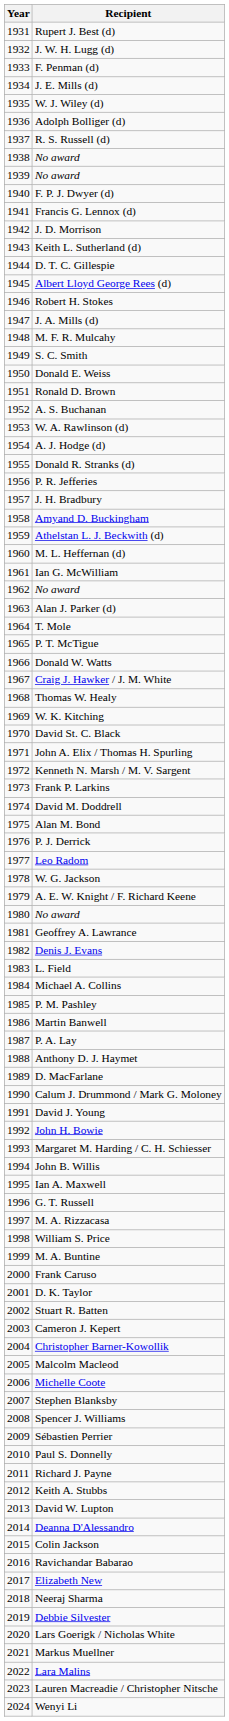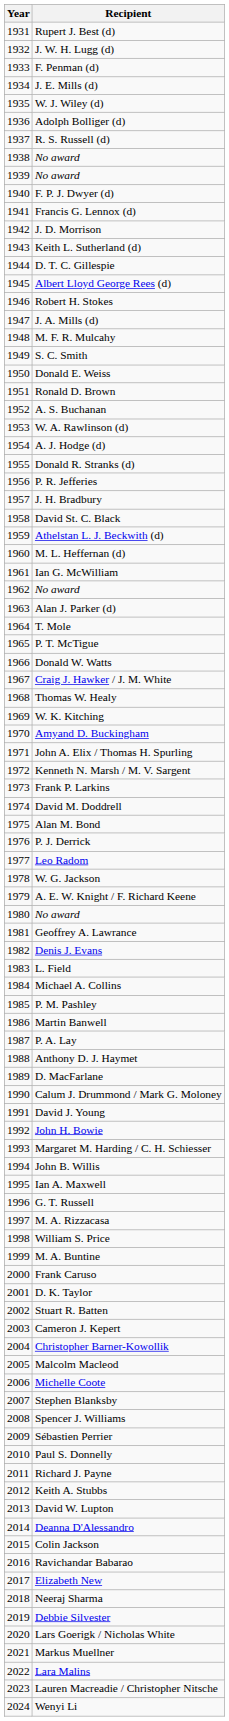 <table class="wikitable">
 <tr>
 <th>Year</th>
 <th>Recipient</th>
 </tr>
 <tr>
 <td>1931</td>
 <td>Rupert J. Best (d)</td>
 </tr>
 <tr>
 <td>1932</td>
 <td>J. W. H. Lugg (d)</td>
 </tr>
 <tr>
 <td>1933</td>
 <td>F. Penman (d)</td>
 </tr>
 <tr>
 <td>1934</td>
 <td>J. E. Mills (d)</td>
 </tr>
 <tr>
 <td>1935</td>
 <td>W. J. Wiley (d)</td>
 </tr>
 <tr>
 <td>1936</td>
 <td>Adolph Bolliger (d)</td>
 </tr>
 <tr>
 <td>1937</td>
 <td>R. S. Russell (d)</td>
 </tr>
 <tr>
 <td>1938</td>
 <td><em>No award</em></td>
 </tr>
 <tr>
 <td>1939</td>
 <td><em>No award</em></td>
 </tr>
 <tr>
 <td>1940</td>
 <td>F. P. J. Dwyer (d)</td>
 </tr>
 <tr>
 <td>1941</td>
 <td>Francis G. Lennox (d)</td>
 </tr>
 <tr>
 <td>1942</td>
 <td>J. D. Morrison</td>
 </tr>
 <tr>
 <td>1943</td>
 <td>Keith L. Sutherland (d)</td>
 </tr>
 <tr>
 <td>1944</td>
 <td>D. T. C. Gillespie</td>
 </tr>
 <tr>
 <td>1945</td>
 <td><a href='#'>Albert Lloyd George Rees</a> (d)</td>
 </tr>
 <tr>
 <td>1946</td>
 <td>Robert H. Stokes</td>
 </tr>
 <tr>
 <td>1947</td>
 <td>J. A. Mills (d)</td>
 </tr>
 <tr>
 <td>1948</td>
 <td>M. F. R. Mulcahy</td>
 </tr>
 <tr>
 <td>1949</td>
 <td>S. C. Smith</td>
 </tr>
 <tr>
 <td>1950</td>
 <td>Donald E. Weiss</td>
 </tr>
 <tr>
 <td>1951</td>
 <td>Ronald D. Brown</td>
 </tr>
 <tr>
 <td>1952</td>
 <td>A. S. Buchanan</td>
 </tr>
 <tr>
 <td>1953</td>
 <td>W. A. Rawlinson (d)</td>
 </tr>
 <tr>
 <td>1954</td>
 <td>A. J. Hodge (d)</td>
 </tr>
 <tr>
 <td>1955</td>
 <td>Donald R. Stranks (d)</td>
 </tr>
 <tr>
 <td>1956</td>
 <td>P. R. Jefferies</td>
 </tr>
 <tr>
 <td>1957</td>
 <td>J. H. Bradbury</td>
 </tr>
 <tr>
 <td>1958</td>
-<td><a href='#'>Amyand D. Buckingham</a></td>
+<td>David St. C. Black</td>
 </tr>
 <tr>
 <td>1959</td>
 <td><a href='#'>Athelstan L. J. Beckwith</a> (d)</td>
 </tr>
 <tr>
 <td>1960</td>
 <td>M. L. Heffernan (d)</td>
 </tr>
 <tr>
 <td>1961</td>
 <td>Ian G. McWilliam</td>
 </tr>
 <tr>
 <td>1962</td>
 <td><em>No award</em></td>
 </tr>
 <tr>
 <td>1963</td>
 <td>Alan J. Parker (d)</td>
 </tr>
 <tr>
 <td>1964</td>
 <td>T. Mole</td>
 </tr>
 <tr>
 <td>1965</td>
 <td>P. T. McTigue</td>
 </tr>
 <tr>
 <td>1966</td>
 <td>Donald W. Watts</td>
 </tr>
 <tr>
 <td>1967</td>
 <td><a href='#'>Craig J. Hawker</a> / J. M. White</td>
 </tr>
 <tr>
 <td>1968</td>
 <td>Thomas W. Healy</td>
 </tr>
 <tr>
 <td>1969</td>
 <td>W. K. Kitching</td>
 </tr>
 <tr>
 <td>1970</td>
-<td>David St. C. Black</td>
+<td><a href='#'>Amyand D. Buckingham</a></td>
 </tr>
 <tr>
 <td>1971</td>
 <td>John A. Elix / Thomas H. Spurling</td>
 </tr>
 <tr>
 <td>1972</td>
 <td>Kenneth N. Marsh / M. V. Sargent</td>
 </tr>
 <tr>
 <td>1973</td>
 <td>Frank P. Larkins</td>
 </tr>
 <tr>
 <td>1974</td>
 <td>David M. Doddrell</td>
 </tr>
 <tr>
 <td>1975</td>
 <td>Alan M. Bond</td>
 </tr>
 <tr>
 <td>1976</td>
 <td>P. J. Derrick</td>
 </tr>
 <tr>
 <td>1977</td>
 <td><a href='#'>Leo Radom</a></td>
 </tr>
 <tr>
 <td>1978</td>
 <td>W. G. Jackson</td>
 </tr>
 <tr>
 <td>1979</td>
 <td>A. E. W. Knight / F. Richard Keene</td>
 </tr>
 <tr>
 <td>1980</td>
 <td><em>No award</em></td>
 </tr>
 <tr>
 <td>1981</td>
 <td>Geoffrey A. Lawrance</td>
 </tr>
 <tr>
 <td>1982</td>
 <td><a href='#'>Denis J. Evans</a></td>
 </tr>
 <tr>
 <td>1983</td>
 <td>L. Field</td>
 </tr>
 <tr>
 <td>1984</td>
 <td>Michael A. Collins</td>
 </tr>
 <tr>
 <td>1985</td>
 <td>P. M. Pashley</td>
 </tr>
 <tr>
 <td>1986</td>
 <td>Martin Banwell</td>
 </tr>
 <tr>
 <td>1987</td>
 <td>P. A. Lay</td>
 </tr>
 <tr>
 <td>1988</td>
 <td>Anthony D. J. Haymet</td>
 </tr>
 <tr>
 <td>1989</td>
 <td>D. MacFarlane</td>
 </tr>
 <tr>
 <td>1990</td>
 <td>Calum J. Drummond / Mark G. Moloney</td>
 </tr>
 <tr>
 <td>1991</td>
 <td>David J. Young</td>
 </tr>
 <tr>
 <td>1992</td>
 <td><a href='#'>John H. Bowie</a></td>
 </tr>
 <tr>
 <td>1993</td>
 <td>Margaret M. Harding / C. H. Schiesser</td>
 </tr>
 <tr>
 <td>1994</td>
 <td>John B. Willis</td>
 </tr>
 <tr>
 <td>1995</td>
 <td>Ian A. Maxwell</td>
 </tr>
 <tr>
 <td>1996</td>
 <td>G. T. Russell</td>
 </tr>
 <tr>
 <td>1997</td>
 <td>M. A. Rizzacasa</td>
 </tr>
 <tr>
 <td>1998</td>
 <td>William S. Price</td>
 </tr>
 <tr>
 <td>1999</td>
 <td>M. A. Buntine</td>
 </tr>
 <tr>
 <td>2000</td>
 <td>Frank Caruso</td>
 </tr>
 <tr>
 <td>2001</td>
 <td>D. K. Taylor</td>
 </tr>
 <tr>
 <td>2002</td>
 <td>Stuart R. Batten</td>
 </tr>
 <tr>
 <td>2003</td>
 <td>Cameron J. Kepert</td>
 </tr>
 <tr>
 <td>2004</td>
 <td><a href='#'>Christopher Barner-Kowollik</a></td>
 </tr>
 <tr>
 <td>2005</td>
 <td>Malcolm Macleod</td>
 </tr>
 <tr>
 <td>2006</td>
 <td><a href='#'>Michelle Coote</a></td>
 </tr>
 <tr>
 <td>2007</td>
 <td>Stephen Blanksby</td>
 </tr>
 <tr>
 <td>2008</td>
 <td>Spencer J. Williams</td>
 </tr>
 <tr>
 <td>2009</td>
 <td>Sébastien Perrier</td>
 </tr>
 <tr>
 <td>2010</td>
 <td>Paul S. Donnelly</td>
 </tr>
 <tr>
 <td>2011</td>
 <td>Richard J. Payne</td>
 </tr>
 <tr>
 <td>2012</td>
 <td>Keith A. Stubbs</td>
 </tr>
 <tr>
 <td>2013</td>
 <td>David W. Lupton</td>
 </tr>
 <tr>
 <td>2014</td>
 <td><a href='#'>Deanna D'Alessandro</a></td>
 </tr>
 <tr>
 <td>2015</td>
 <td>Colin Jackson</td>
 </tr>
 <tr>
 <td>2016</td>
 <td>Ravichandar Babarao</td>
 </tr>
 <tr>
 <td>2017</td>
 <td><a href='#'>Elizabeth New</a></td>
 </tr>
 <tr>
 <td>2018</td>
 <td>Neeraj Sharma</td>
 </tr>
 <tr>
 <td>2019</td>
 <td><a href='#'>Debbie Silvester</a></td>
 </tr>
 <tr>
 <td>2020</td>
 <td>Lars Goerigk / Nicholas White</td>
 </tr>
 <tr>
 <td>2021</td>
 <td>Markus Muellner</td>
 </tr>
 <tr>
 <td>2022</td>
 <td><a href='#'>Lara Malins</a></td>
 </tr>
 <tr>
 <td>2023</td>
 <td>Lauren Macreadie / Christopher Nitsche</td>
 </tr>
 <tr>
 <td>2024</td>
 <td>Wenyi Li</td>
 </tr>
 </table>
